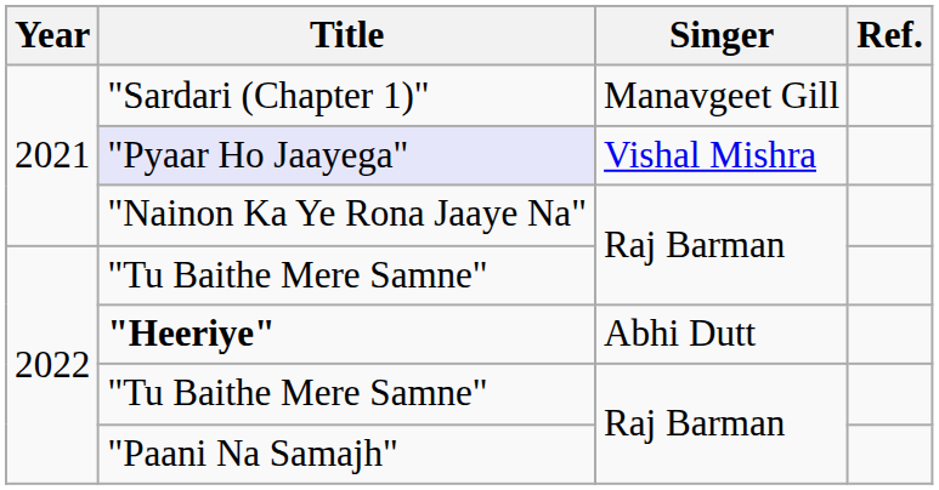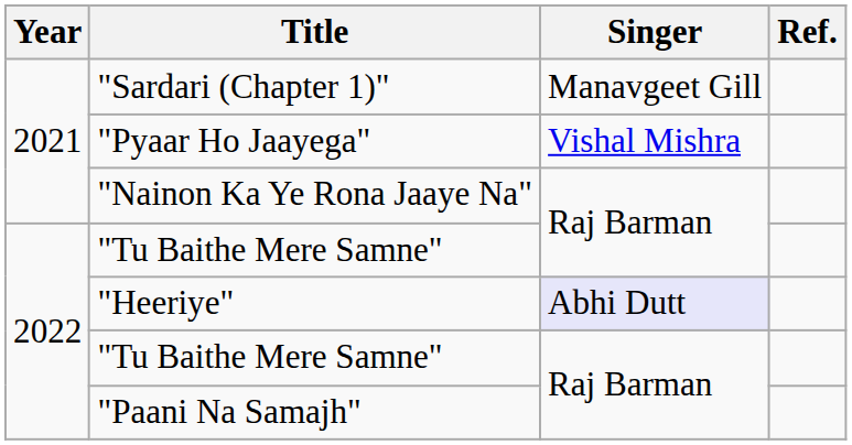 <table class="wikitable">
 <tr>
 <th>Year</th>
 <th>Title</th>
 <th>Singer</th>
 <th>Ref.</th>
 </tr>
 <tr>
 <td rowspan="3">2021</td>
 <td>"Sardari (Chapter 1)"</td>
 <td>Manavgeet Gill</td>
 <td></td>
 </tr>
 <tr>
-<td style="background: lavender;">"Pyaar Ho Jaayega"</td>
+<td>"Pyaar Ho Jaayega"</td>
 <td><a href='#'>Vishal Mishra</a></td>
 <td></td>
 </tr>
 <tr>
 <td>"Nainon Ka Ye Rona Jaaye Na"</td>
 <td rowspan="2">Raj Barman</td>
 <td></td>
 </tr>
 <tr>
 <td rowspan="4">2022</td>
 <td>"Tu Baithe Mere Samne"</td>
 <td></td>
 </tr>
 <tr>
-<td><strong>"Heeriye"</strong></td>
-<td>Abhi Dutt</td>
+<td>"Heeriye"</td>
+<td style="background: lavender;">Abhi Dutt</td>
 <td></td>
 </tr>
 <tr>
 <td>"Tu Baithe Mere Samne"</td>
 <td rowspan="2">Raj Barman</td>
 <td></td>
 </tr>
 <tr>
 <td>"Paani Na Samajh"</td>
 <td></td>
 </tr>
 </table>
